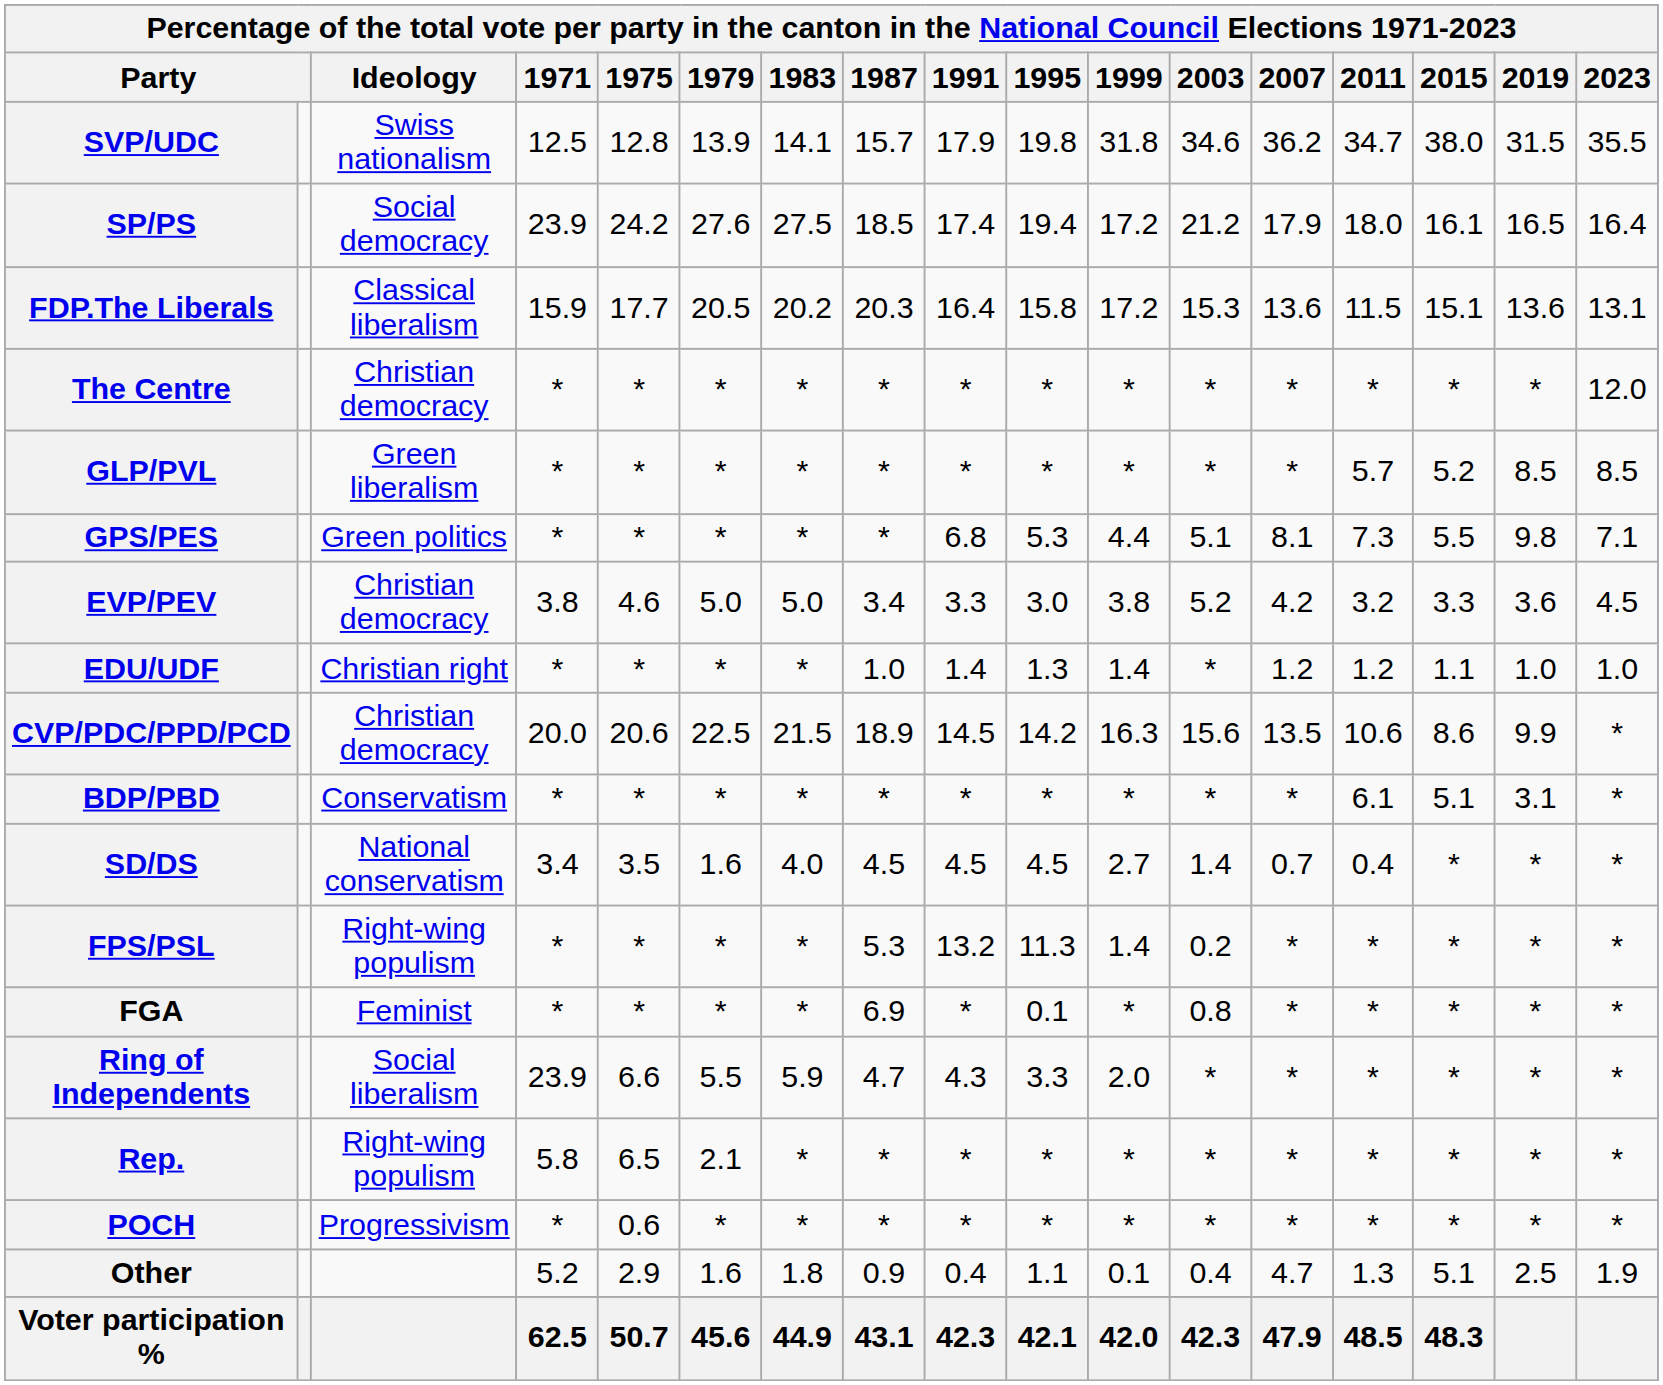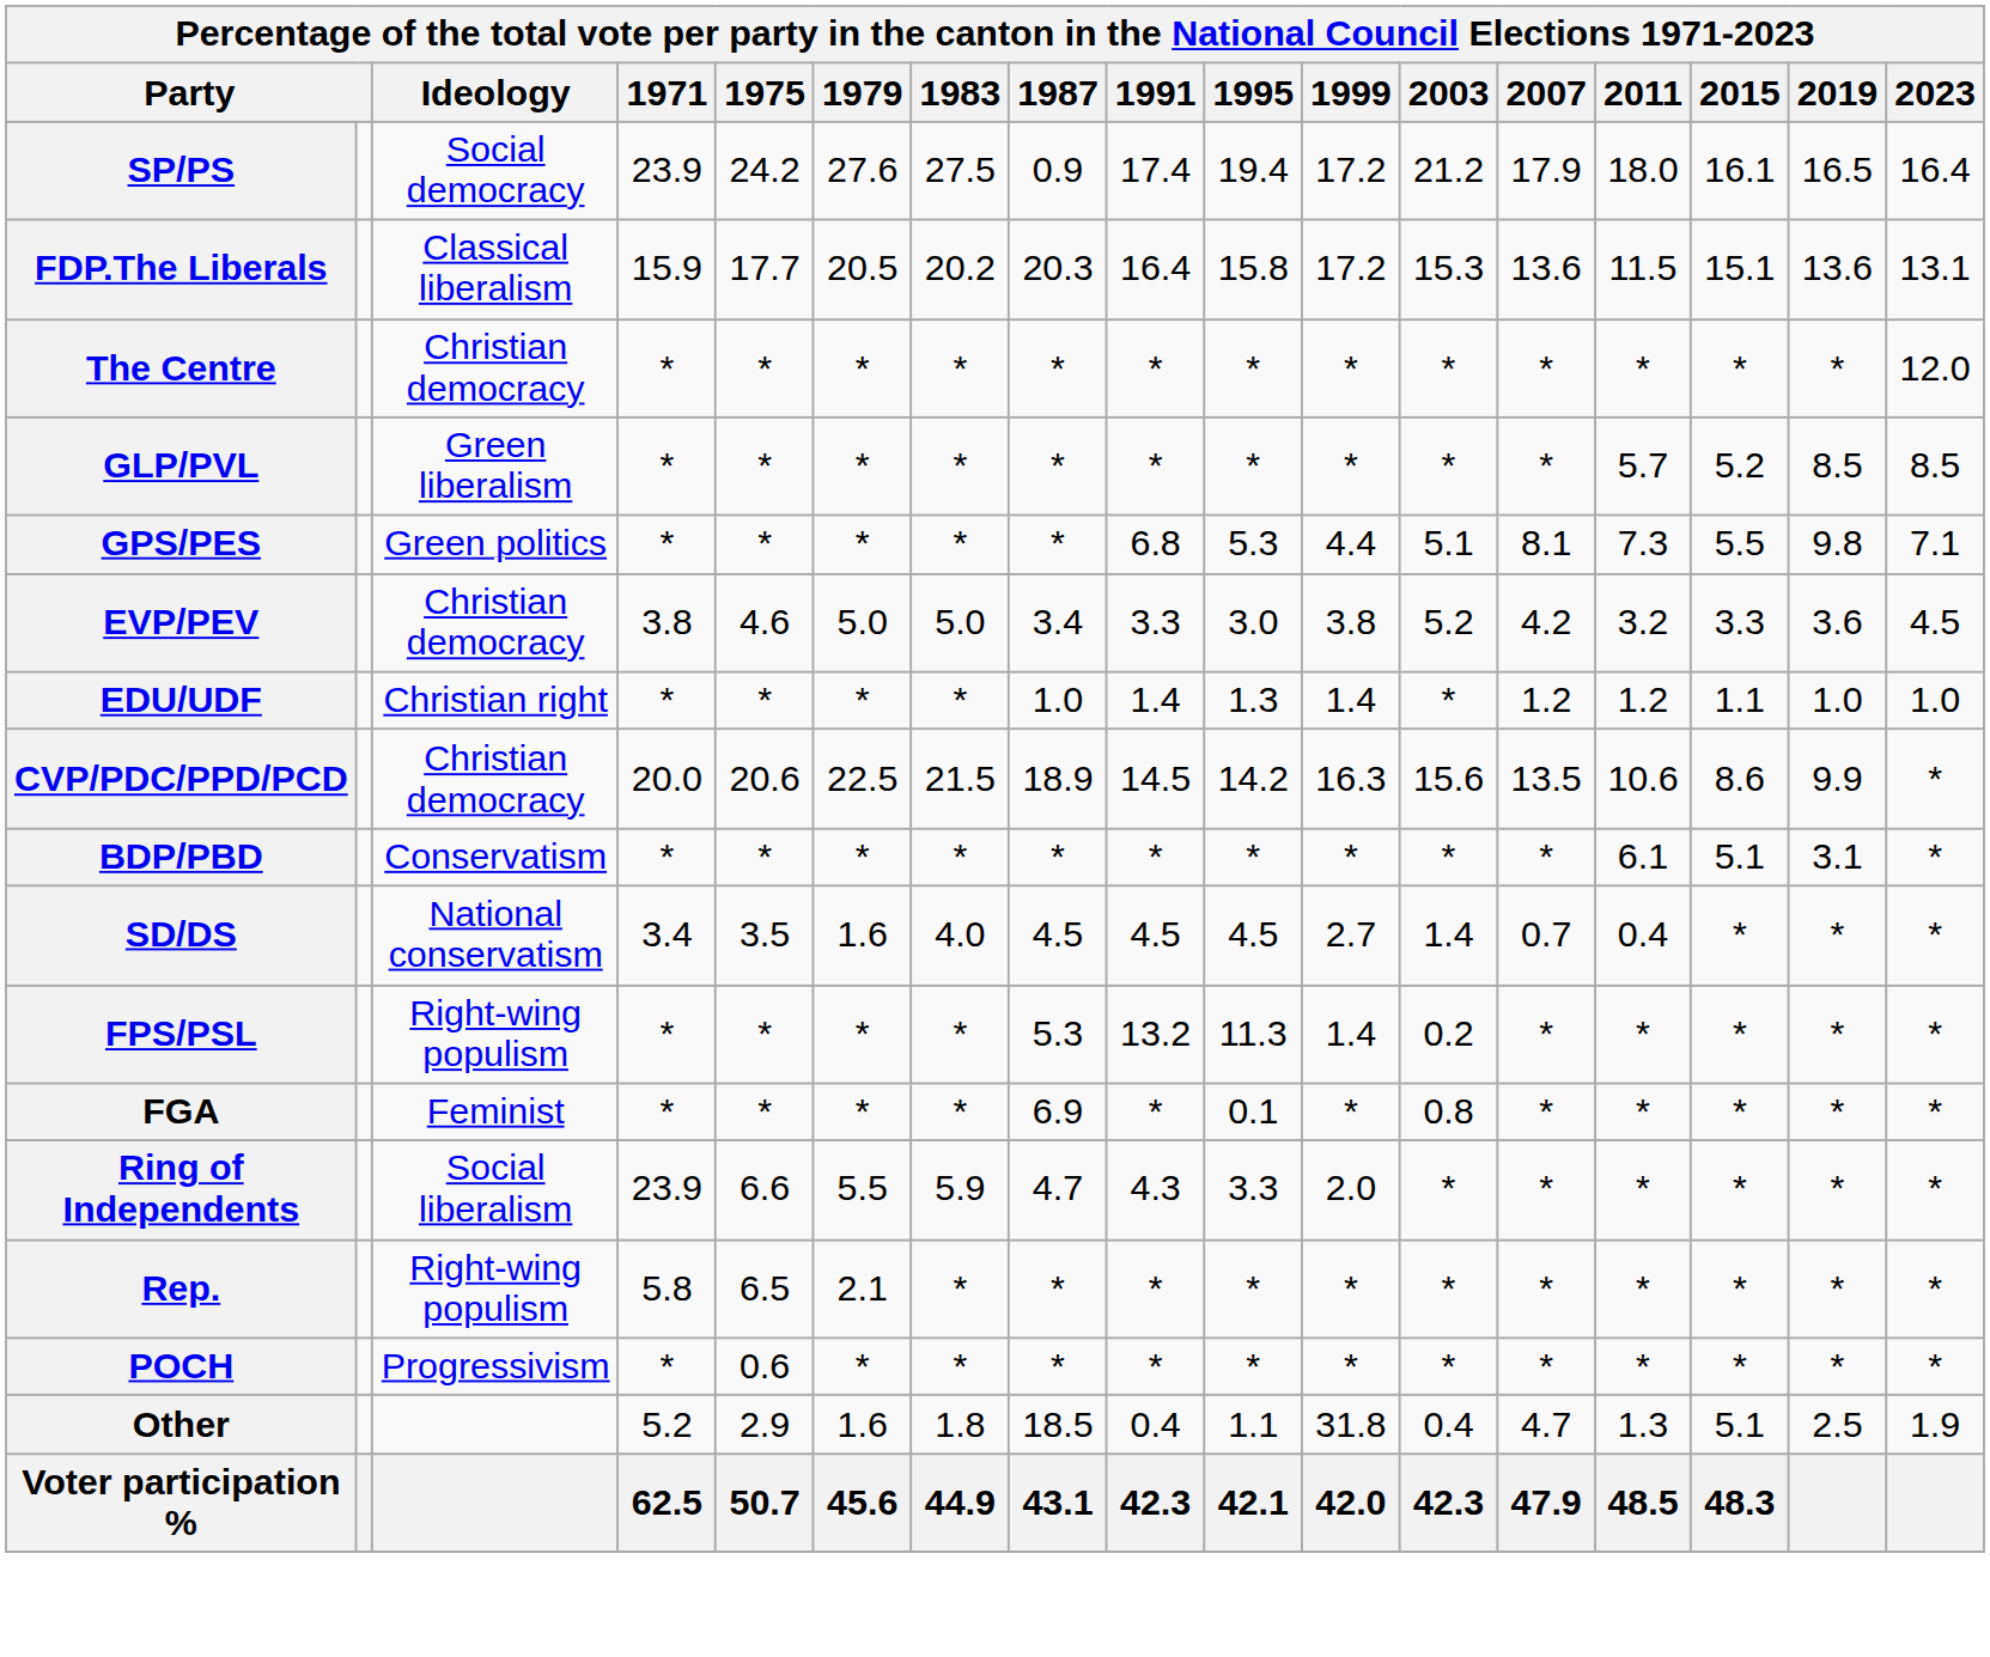 <table class="wikitable sortable" style ="text-align: center">
 <tr>
 <th colspan="17">Percentage of the total vote per party in the canton in the <a href='#'>National Council</a> Elections 1971-2023</th>
 </tr>
 <tr>
 <th colspan="2">Party</th>
 <th class="unsortable">Ideology</th>
 <th>1971</th>
 <th>1975</th>
 <th>1979</th>
 <th>1983</th>
 <th>1987</th>
 <th>1991</th>
 <th>1995</th>
 <th>1999</th>
 <th>2003</th>
 <th>2007</th>
 <th>2011</th>
 <th>2015</th>
 <th>2019</th>
 <th>2023</th>
 </tr>
 <tr>
-<th><a href='#'>SVP/UDC</a></th>
-<td style="color:inherit;background:"></td>
-<td><a href='#'>Swiss nationalism</a></td>
-<td>12.5</td>
-<td>12.8</td>
-<td>13.9</td>
-<td>14.1</td>
-<td>15.7</td>
-<td>17.9</td>
-<td>19.8</td>
-<td>31.8</td>
-<td>34.6</td>
-<td>36.2</td>
-<td>34.7</td>
-<td>38.0</td>
-<td>31.5</td>
-<td>35.5</td>
-</tr>
-<tr>
 <th><a href='#'>SP/PS</a></th>
 <td style="color:inherit;background:"></td>
 <td><a href='#'>Social democracy</a></td>
 <td>23.9</td>
 <td>24.2</td>
 <td>27.6</td>
 <td>27.5</td>
-<td>18.5</td>
+<td>0.9</td>
 <td>17.4</td>
 <td>19.4</td>
 <td>17.2</td>
 <td>21.2</td>
 <td>17.9</td>
 <td>18.0</td>
 <td>16.1</td>
 <td>16.5</td>
 <td>16.4</td>
 </tr>
 <tr>
 <th><a href='#'>FDP.The Liberals</a></th>
 <td style="color:inherit;background:"></td>
 <td><a href='#'>Classical liberalism</a></td>
 <td>15.9</td>
 <td>17.7</td>
 <td>20.5</td>
 <td>20.2</td>
 <td>20.3</td>
 <td>16.4</td>
 <td>15.8</td>
 <td>17.2</td>
 <td>15.3</td>
 <td>13.6</td>
 <td>11.5</td>
 <td>15.1</td>
 <td>13.6</td>
 <td>13.1</td>
 </tr>
 <tr>
 <th><a href='#'>The Centre</a></th>
 <td style="color:inherit;background:"></td>
 <td><a href='#'>Christian democracy</a></td>
 <td>*</td>
 <td>*</td>
 <td>*</td>
 <td>*</td>
 <td>*</td>
 <td>*</td>
 <td>*</td>
 <td>*</td>
 <td>*</td>
 <td>*</td>
 <td>*</td>
 <td>*</td>
 <td>*</td>
 <td>12.0</td>
 </tr>
 <tr>
 <th><a href='#'>GLP/PVL</a></th>
 <td style="color:inherit;background:"></td>
 <td><a href='#'>Green liberalism</a></td>
 <td>*</td>
 <td>*</td>
 <td>*</td>
 <td>*</td>
 <td>*</td>
 <td>*</td>
 <td>*</td>
 <td>*</td>
 <td>*</td>
 <td>*</td>
 <td>5.7</td>
 <td>5.2</td>
 <td>8.5</td>
 <td>8.5</td>
 </tr>
 <tr>
 <th><a href='#'>GPS/PES</a></th>
 <td style="color:inherit;background:"></td>
 <td><a href='#'>Green politics</a></td>
 <td>*</td>
 <td>*</td>
 <td>*</td>
 <td>*</td>
 <td>*</td>
 <td>6.8</td>
 <td>5.3</td>
 <td>4.4</td>
 <td>5.1</td>
 <td>8.1</td>
 <td>7.3</td>
 <td>5.5</td>
 <td>9.8</td>
 <td>7.1</td>
 </tr>
 <tr>
 <th><a href='#'>EVP/PEV</a></th>
 <td style="color:inherit;background:"></td>
 <td><a href='#'>Christian democracy</a></td>
 <td>3.8</td>
 <td>4.6</td>
 <td>5.0</td>
 <td>5.0</td>
 <td>3.4</td>
 <td>3.3</td>
 <td>3.0</td>
 <td>3.8</td>
 <td>5.2</td>
 <td>4.2</td>
 <td>3.2</td>
 <td>3.3</td>
 <td>3.6</td>
 <td>4.5</td>
 </tr>
 <tr>
 <th><a href='#'>EDU/UDF</a></th>
 <td style="color:inherit;background:"></td>
 <td><a href='#'>Christian right</a></td>
 <td>*</td>
 <td>*</td>
 <td>*</td>
 <td>*</td>
 <td>1.0</td>
 <td>1.4</td>
 <td>1.3</td>
 <td>1.4</td>
 <td>*</td>
 <td>1.2</td>
 <td>1.2</td>
 <td>1.1</td>
 <td>1.0</td>
 <td>1.0</td>
 </tr>
 <tr>
 <th><a href='#'>CVP/PDC/PPD/PCD</a></th>
 <td style="color:inherit;background:"></td>
 <td><a href='#'>Christian democracy</a></td>
 <td>20.0</td>
 <td>20.6</td>
 <td>22.5</td>
 <td>21.5</td>
 <td>18.9</td>
 <td>14.5</td>
 <td>14.2</td>
 <td>16.3</td>
 <td>15.6</td>
 <td>13.5</td>
 <td>10.6</td>
 <td>8.6</td>
 <td>9.9</td>
 <td>* </td>
 </tr>
 <tr>
 <th><a href='#'>BDP/PBD</a></th>
 <td style="color:inherit;background:"></td>
 <td><a href='#'>Conservatism</a></td>
 <td>*</td>
 <td>*</td>
 <td>*</td>
 <td>*</td>
 <td>*</td>
 <td>*</td>
 <td>*</td>
 <td>*</td>
 <td>*</td>
 <td>*</td>
 <td>6.1</td>
 <td>5.1</td>
 <td>3.1</td>
 <td>* </td>
 </tr>
 <tr>
 <th><a href='#'>SD/DS</a></th>
 <td style="color:inherit;background:"></td>
 <td><a href='#'>National conservatism</a></td>
 <td>3.4</td>
 <td>3.5</td>
 <td>1.6</td>
 <td>4.0</td>
 <td>4.5</td>
 <td>4.5</td>
 <td>4.5</td>
 <td>2.7</td>
 <td>1.4</td>
 <td>0.7</td>
 <td>0.4</td>
 <td>*</td>
 <td>*</td>
 <td>*</td>
 </tr>
 <tr>
 <th><a href='#'>FPS/PSL</a></th>
 <td style="color:inherit;background:"></td>
 <td><a href='#'>Right-wing populism</a></td>
 <td>*</td>
 <td>*</td>
 <td>*</td>
 <td>*</td>
 <td>5.3</td>
 <td>13.2</td>
 <td>11.3</td>
 <td>1.4</td>
 <td>0.2</td>
 <td>*</td>
 <td>*</td>
 <td>*</td>
 <td>*</td>
 <td>*</td>
 </tr>
 <tr>
 <th>FGA</th>
 <td></td>
 <td><a href='#'>Feminist</a></td>
 <td>*</td>
 <td>*</td>
 <td>*</td>
 <td>*</td>
 <td>6.9</td>
 <td>* </td>
 <td>0.1</td>
 <td>*</td>
 <td>0.8</td>
 <td>*</td>
 <td>*</td>
 <td>*</td>
 <td>*</td>
 <td>*</td>
 </tr>
 <tr>
 <th><a href='#'>Ring of Independents</a></th>
 <td></td>
 <td><a href='#'>Social liberalism</a></td>
 <td>23.9</td>
 <td>6.6</td>
 <td>5.5</td>
 <td>5.9</td>
 <td>4.7</td>
 <td>4.3</td>
 <td>3.3</td>
 <td>2.0</td>
 <td>* </td>
 <td>*</td>
 <td>*</td>
 <td>*</td>
 <td>*</td>
 <td>*</td>
 </tr>
 <tr>
 <th><a href='#'>Rep.</a></th>
 <td></td>
 <td><a href='#'>Right-wing populism</a></td>
 <td>5.8</td>
 <td>6.5</td>
 <td>2.1</td>
 <td>*</td>
 <td>*</td>
 <td>*</td>
 <td>*</td>
 <td>*</td>
 <td>*</td>
 <td>*</td>
 <td>*</td>
 <td>*</td>
 <td>*</td>
 <td>*</td>
 </tr>
 <tr>
 <th><a href='#'>POCH</a></th>
 <td></td>
 <td><a href='#'>Progressivism</a></td>
 <td>*</td>
 <td>0.6</td>
 <td>*</td>
 <td>*</td>
 <td>*</td>
 <td>*</td>
 <td>*</td>
 <td>*</td>
 <td>*</td>
 <td>*</td>
 <td>*</td>
 <td>*</td>
 <td>*</td>
 <td>*</td>
 </tr>
 <tr>
 <th>Other</th>
 <td></td>
 <td></td>
 <td>5.2</td>
 <td>2.9</td>
 <td>1.6</td>
 <td>1.8</td>
-<td>0.9</td>
+<td>18.5</td>
 <td>0.4</td>
 <td>1.1</td>
-<td>0.1</td>
+<td>31.8</td>
 <td>0.4</td>
 <td>4.7</td>
 <td>1.3</td>
 <td>5.1</td>
 <td>2.5</td>
 <td>1.9</td>
 </tr>
 <tr>
 <th>Voter participation %</th>
 <th></th>
 <th></th>
 <th>62.5</th>
 <th>50.7</th>
 <th>45.6</th>
 <th>44.9</th>
 <th>43.1</th>
 <th>42.3</th>
 <th>42.1</th>
 <th>42.0</th>
 <th>42.3</th>
 <th>47.9</th>
 <th>48.5</th>
 <th>48.3</th>
 <th></th>
 <th></th>
 </tr>
 <tr>
 </tr>
 </table>
